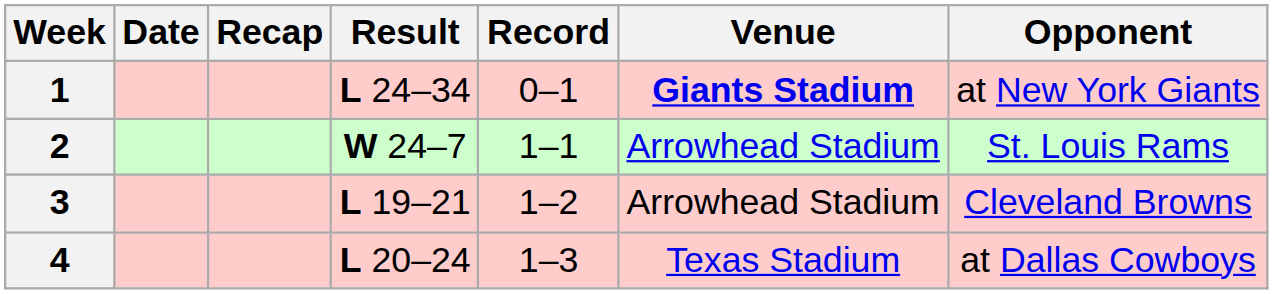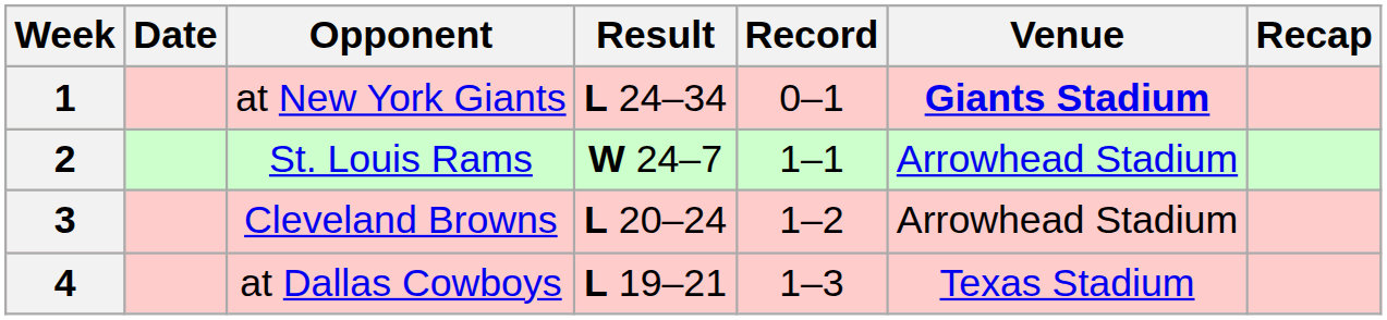 <table class="wikitable" style="text-align:center">
 <tr>
 <th>Week</th>
 <th>Date</th>
-<th>Recap</th>
+<th>Opponent</th>
 <th>Result</th>
 <th>Record</th>
 <th>Venue</th>
-<th>Opponent</th>
+<th>Recap</th>
 </tr>
 <tr style="background:#fcc">
 <th>1</th>
 <td></td>
-<td></td>
+<td>at <a href='#'>New York Giants</a></td>
 <td><strong>L</strong> 24–34</td>
 <td>0–1</td>
 <td><strong><a href='#'>Giants Stadium</a></strong></td>
-<td>at <a href='#'>New York Giants</a></td>
+<td></td>
 </tr>
 <tr style="background:#cfc">
 <th>2</th>
 <td></td>
-<td></td>
+<td><a href='#'>St. Louis Rams</a></td>
 <td><strong>W</strong> 24–7</td>
 <td>1–1</td>
 <td><a href='#'>Arrowhead Stadium</a></td>
-<td><a href='#'>St. Louis Rams</a></td>
+<td></td>
 </tr>
 <tr style="background:#fcc">
 <th>3</th>
 <td></td>
-<td></td>
-<td><strong>L</strong> 19–21</td>
+<td><a href='#'>Cleveland Browns</a></td>
+<td><strong>L</strong> 20–24</td>
 <td>1–2</td>
 <td>Arrowhead Stadium</td>
-<td><a href='#'>Cleveland Browns</a></td>
+<td></td>
 </tr>
 <tr style="background:#fcc">
 <th>4</th>
 <td></td>
-<td></td>
-<td><strong>L</strong> 20–24</td>
+<td>at <a href='#'>Dallas Cowboys</a></td>
+<td><strong>L</strong> 19–21</td>
 <td>1–3</td>
 <td><a href='#'>Texas Stadium</a></td>
-<td>at <a href='#'>Dallas Cowboys</a></td>
+<td></td>
 </tr>
 </table>
